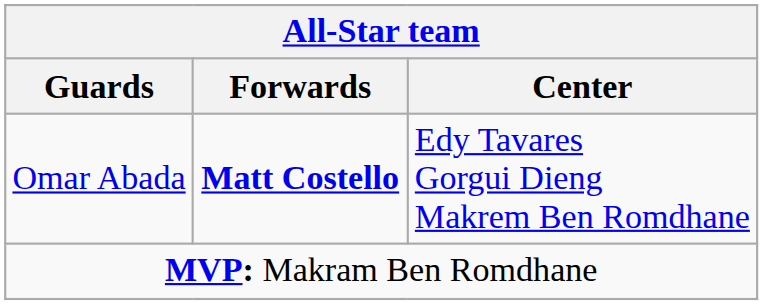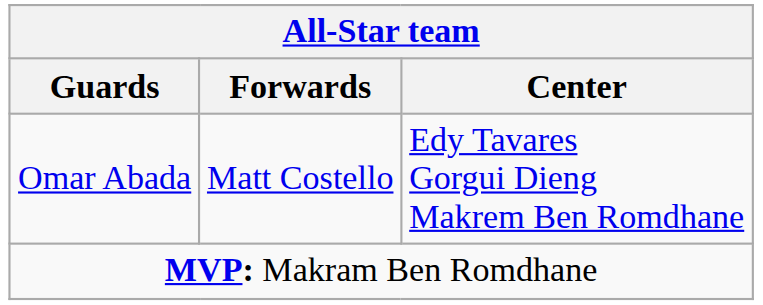 <table class=wikitable style="margin:auto">
 <tr>
 <th colspan=3 align=center><a href='#'>All-Star team</a></th>
 </tr>
 <tr>
 <th>Guards</th>
 <th>Forwards</th>
 <th>Center</th>
 </tr>
 <tr>
 <td> <a href='#'>Omar Abada</a></td>
-<td><strong> <a href='#'>Matt Costello</a></strong></td>
+<td> <a href='#'>Matt Costello</a></td>
 <td> <a href='#'>Edy Tavares</a><br> <a href='#'>Gorgui Dieng</a><br> <a href='#'>Makrem Ben Romdhane</a></td>
 </tr>
 <tr>
 <td colspan=3 align=center><strong><a href='#'>MVP</a>:</strong>  Makram Ben Romdhane</td>
 </tr>
 </table>
